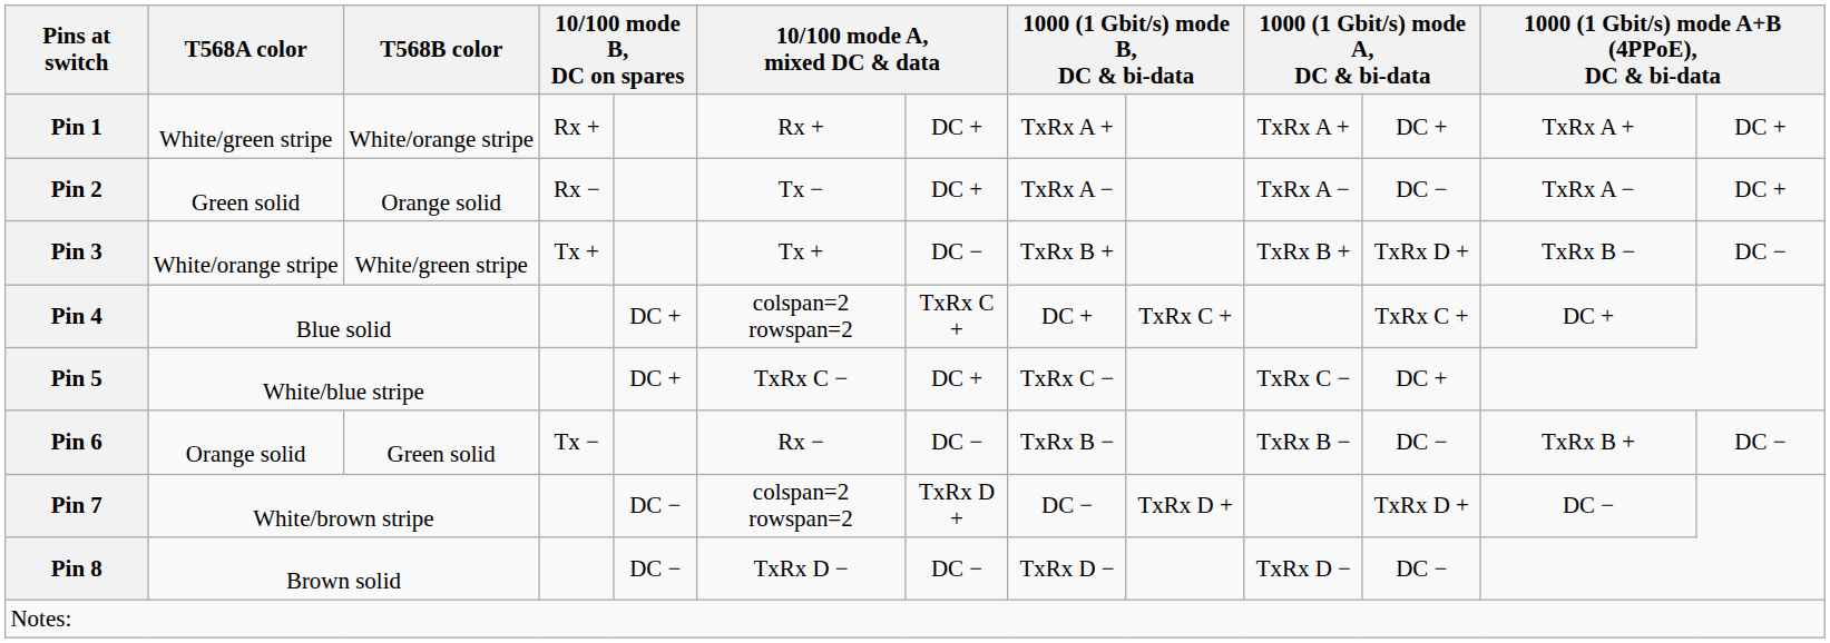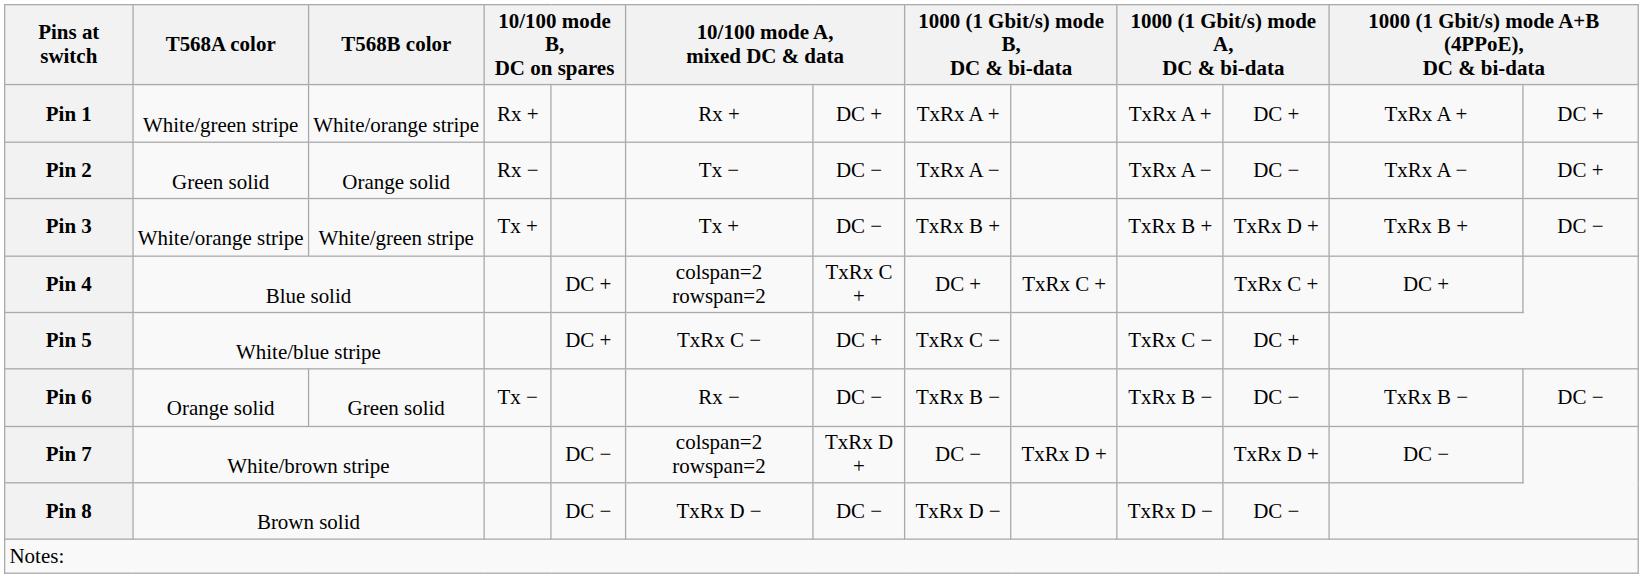 <table class="wikitable" style="text-align: center;">
 <tr>
 <th>Pins at switch</th>
 <th>T568A color</th>
 <th>T568B color</th>
 <th colspan=2>10/100 mode B, <br>DC on spares</th>
 <th colspan=2>10/100 mode A, <br>mixed DC & data</th>
 <th colspan=2>1000 (1 Gbit/s) mode B, <br>DC & bi-data</th>
 <th colspan=2>1000 (1 Gbit/s) mode A, <br>DC & bi-data</th>
 <th colspan=2>1000 (1 Gbit/s) mode A+B (4PPoE), <br>DC & bi-data</th>
 </tr>
 <tr>
 <th>Pin 1</th>
 <td><br> White/green stripe</td>
 <td><br> White/orange stripe</td>
 <td>Rx +</td>
 <td></td>
 <td>Rx +</td>
 <td>DC +</td>
 <td>TxRx A +</td>
 <td></td>
 <td>TxRx A +</td>
 <td>DC +</td>
 <td>TxRx A +</td>
 <td>DC +</td>
 </tr>
 <tr>
 <th>Pin 2</th>
 <td><br> Green solid</td>
 <td><br> Orange solid</td>
 <td>Rx −</td>
 <td></td>
 <td>Tx −</td>
-<td>DC +</td>
+<td>DC −</td>
 <td>TxRx A −</td>
 <td></td>
 <td>TxRx A −</td>
 <td>DC −</td>
 <td>TxRx A −</td>
 <td>DC +</td>
 </tr>
 <tr>
 <th>Pin 3</th>
 <td><br>White/orange stripe</td>
 <td><br> White/green stripe</td>
 <td>Tx +</td>
 <td></td>
 <td>Tx +</td>
 <td>DC −</td>
 <td>TxRx B +</td>
 <td></td>
 <td>TxRx B +</td>
 <td>TxRx D +</td>
-<td>TxRx B −</td>
+<td>TxRx B +</td>
 <td>DC −</td>
 </tr>
 <tr>
 <th>Pin 4</th>
 <td colspan= 2><br> Blue solid</td>
 <td></td>
 <td>DC +</td>
 <td>colspan=2 rowspan=2 </td>
 <td>TxRx C +</td>
 <td>DC +</td>
 <td>TxRx C +</td>
 <td></td>
 <td>TxRx C +</td>
 <td>DC +</td>
 </tr>
 <tr>
 <th>Pin 5</th>
 <td colspan= 2><br> White/blue stripe</td>
 <td></td>
 <td>DC +</td>
 <td>TxRx C −</td>
 <td>DC +</td>
 <td>TxRx C −</td>
 <td></td>
 <td>TxRx C −</td>
 <td>DC +</td>
 </tr>
 <tr>
 <th>Pin 6</th>
 <td><br> Orange solid</td>
 <td><br>Green solid</td>
 <td>Tx −</td>
 <td></td>
 <td>Rx −</td>
 <td>DC −</td>
 <td>TxRx B −</td>
 <td></td>
 <td>TxRx B −</td>
 <td>DC −</td>
-<td>TxRx B +</td>
+<td>TxRx B −</td>
 <td>DC −</td>
 </tr>
 <tr>
 <th>Pin 7</th>
 <td colspan= 2><br> White/brown stripe</td>
 <td></td>
 <td>DC −</td>
 <td>colspan=2 rowspan=2 </td>
 <td>TxRx D +</td>
 <td>DC −</td>
 <td>TxRx D +</td>
 <td></td>
 <td>TxRx D +</td>
 <td>DC −</td>
 </tr>
 <tr>
 <th>Pin 8</th>
 <td colspan= 2><br> Brown solid</td>
 <td></td>
 <td>DC −</td>
 <td>TxRx D −</td>
 <td>DC −</td>
 <td>TxRx D −</td>
 <td></td>
 <td>TxRx D −</td>
 <td>DC −</td>
 </tr>
 <tr>
 <td colspan="13" style="text-align: left;">Notes: </td>
 </tr>
 </table>
